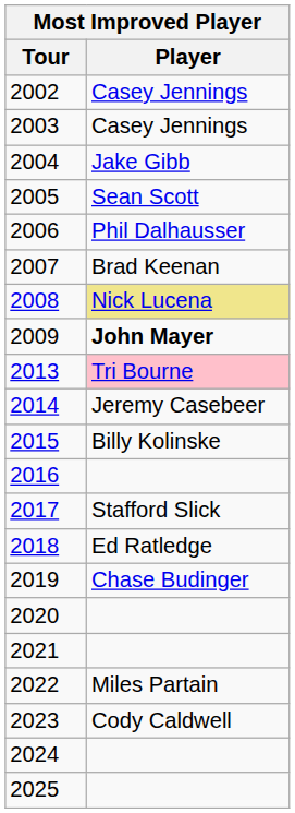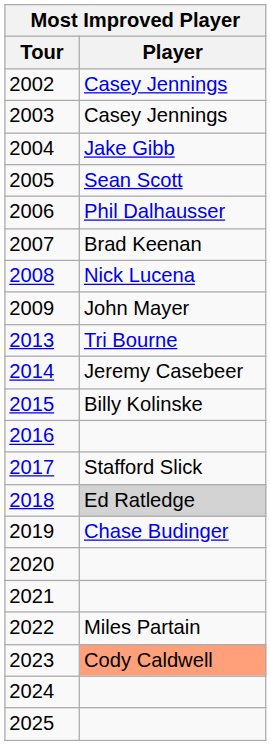 <table class="wikitable" style="margin:0.5em auto;width=480;font-size:100%">
 <tr>
 <th width=200 colspan=2>Most Improved Player</th>
 </tr>
 <tr>
 <th width=30>Tour</th>
 <th width=100>Player</th>
 </tr>
 <tr>
 <td>2002</td>
 <td><a href='#'>Casey Jennings</a></td>
 </tr>
 <tr>
 <td>2003</td>
 <td>Casey Jennings</td>
 </tr>
 <tr>
 <td>2004</td>
 <td><a href='#'>Jake Gibb</a></td>
 </tr>
 <tr>
 <td>2005</td>
 <td><a href='#'>Sean Scott</a></td>
 </tr>
 <tr>
 <td>2006</td>
 <td><a href='#'>Phil Dalhausser</a></td>
 </tr>
 <tr>
 <td>2007</td>
 <td>Brad Keenan</td>
 </tr>
 <tr>
 <td><a href='#'>2008</a></td>
-<td style="background: khaki;"><a href='#'>Nick Lucena</a></td>
+<td><a href='#'>Nick Lucena</a></td>
 </tr>
 <tr>
 <td>2009</td>
-<td><strong>John Mayer</strong></td>
+<td>John Mayer</td>
 </tr>
 <tr>
 <td><a href='#'>2013</a></td>
-<td style="background: pink;"><a href='#'>Tri Bourne</a></td>
+<td><a href='#'>Tri Bourne</a></td>
 </tr>
 <tr>
 <td><a href='#'>2014</a></td>
 <td>Jeremy Casebeer</td>
 </tr>
 <tr>
 <td><a href='#'>2015</a></td>
 <td>Billy Kolinske</td>
 </tr>
 <tr>
 <td><a href='#'>2016</a></td>
 <td></td>
 </tr>
 <tr>
 <td><a href='#'>2017</a></td>
 <td>Stafford Slick</td>
 </tr>
 <tr>
 <td><a href='#'>2018</a></td>
-<td>Ed Ratledge</td>
+<td style="background: lightgrey;">Ed Ratledge</td>
 </tr>
 <tr>
 <td 2019 AVP Pro Beach Volleyball Tour>2019</td>
 <td><a href='#'>Chase Budinger</a></td>
 </tr>
 <tr>
 <td>2020</td>
 <td></td>
 </tr>
 <tr>
 <td>2021</td>
 <td></td>
 </tr>
 <tr>
 <td>2022</td>
 <td>Miles Partain</td>
 </tr>
 <tr>
 <td>2023</td>
-<td>Cody Caldwell</td>
+<td style="background: lightsalmon;">Cody Caldwell</td>
 </tr>
 <tr>
 <td>2024</td>
 <td></td>
 </tr>
 <tr>
 <td>2025</td>
 <td></td>
 </tr>
 </table>
